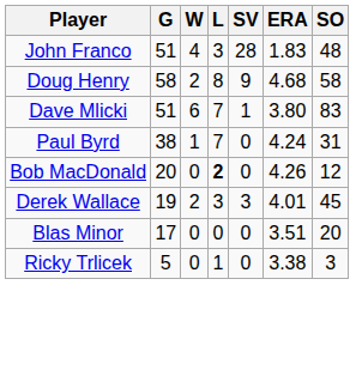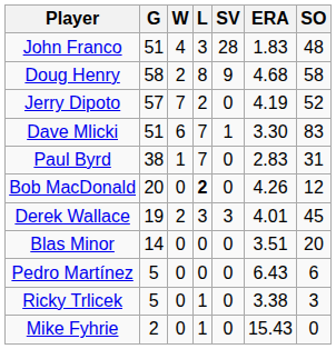 <table class="wikitable sortable">
 <tr>
 <th>Player</th>
 <th>G</th>
 <th>W</th>
 <th>L</th>
 <th>SV</th>
 <th>ERA</th>
 <th>SO</th>
 </tr>
 <tr align=center>
 <td><a href='#'>John Franco</a></td>
 <td>51</td>
 <td>4</td>
 <td>3</td>
 <td>28</td>
 <td>1.83</td>
 <td>48</td>
 </tr>
 <tr align=center>
 <td><a href='#'>Doug Henry</a></td>
 <td>58</td>
 <td>2</td>
 <td>8</td>
 <td>9</td>
 <td>4.68</td>
 <td>58</td>
 </tr>
 <tr align=center>
+<td><a href='#'>Jerry Dipoto</a></td>
+<td>57</td>
+<td>7</td>
+<td>2</td>
+<td>0</td>
+<td>4.19</td>
+<td>52</td>
+</tr>
+<tr align=center>
 <td><a href='#'>Dave Mlicki</a></td>
 <td>51</td>
 <td>6</td>
 <td>7</td>
 <td>1</td>
-<td>3.80</td>
+<td>3.30</td>
 <td>83</td>
 </tr>
 <tr align=center>
 <td><a href='#'>Paul Byrd</a></td>
 <td>38</td>
 <td>1</td>
 <td>7</td>
 <td>0</td>
-<td>4.24</td>
+<td>2.83</td>
 <td>31</td>
 </tr>
 <tr align=center>
 <td><a href='#'>Bob MacDonald</a></td>
 <td>20</td>
 <td>0</td>
 <td><strong>2</strong></td>
 <td>0</td>
 <td>4.26</td>
 <td>12</td>
 </tr>
 <tr align=center>
 <td><a href='#'>Derek Wallace</a></td>
 <td>19</td>
 <td>2</td>
 <td>3</td>
 <td>3</td>
 <td>4.01</td>
 <td>45</td>
 </tr>
 <tr align=center>
 <td><a href='#'>Blas Minor</a></td>
-<td>17</td>
+<td>14</td>
 <td>0</td>
 <td>0</td>
 <td>0</td>
 <td>3.51</td>
 <td>20</td>
+</tr>
+<tr align=center>
+<td><a href='#'>Pedro Martínez</a></td>
+<td>5</td>
+<td>0</td>
+<td>0</td>
+<td>0</td>
+<td>6.43</td>
+<td>6</td>
 </tr>
 <tr align=center>
 <td><a href='#'>Ricky Trlicek</a></td>
 <td>5</td>
 <td>0</td>
 <td>1</td>
 <td>0</td>
 <td>3.38</td>
 <td>3</td>
 </tr>
+<tr align=center>
+<td><a href='#'>Mike Fyhrie</a></td>
+<td>2</td>
+<td>0</td>
+<td>1</td>
+<td>0</td>
+<td>15.43</td>
+<td>0</td>
+</tr>
 </table>
